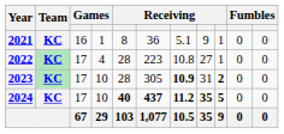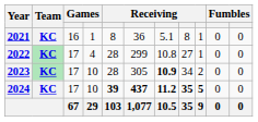 <table class=wikitable style="text-align:center;">
 <tr>
 <th rowspan="2">Year</th>
 <th rowspan="2">Team</th>
 <th colspan="2">Games</th>
 <th colspan="5">Receiving</th>
 <th colspan="2">Fumbles</th>
 </tr>
 <tr>
 <th></th>
 <th></th>
 <th></th>
 <th></th>
 <th></th>
 <th></th>
 <th></th>
 <th></th>
 <th></th>
 </tr>
 <tr>
 <th><a href='#'>2021</a></th>
 <th><a href='#'>KC</a></th>
 <td>16</td>
 <td>1</td>
 <td>8</td>
 <td>36</td>
 <td>5.1</td>
-<td>9</td>
+<td>8</td>
 <td>1</td>
 <td>0</td>
 <td>0</td>
 </tr>
 <tr>
 <th><a href='#'>2022</a></th>
 <th style="background:#afe6ba;"><a href='#'>KC</a></th>
 <td>17</td>
 <td>4</td>
 <td>28</td>
-<td>223</td>
+<td>299</td>
 <td>10.8</td>
 <td>27</td>
 <td>1</td>
 <td>0</td>
 <td>0</td>
 </tr>
 <tr>
 <th><a href='#'>2023</a></th>
 <th style="background:#afe6ba;"><a href='#'>KC</a></th>
 <td>17</td>
 <td>10</td>
 <td>28</td>
 <td>305</td>
 <td><strong>10.9</strong></td>
-<td>31</td>
-<td><strong>2</strong></td>
+<td>34</td>
+<td>2</td>
 <td>0</td>
 <td>0</td>
 </tr>
 <tr>
 <th><a href='#'>2024</a></th>
 <th><a href='#'>KC</a></th>
 <td>17</td>
 <td>10</td>
-<td><strong>40</strong></td>
+<td><strong>39</strong></td>
 <td><strong>437</strong></td>
 <td><strong>11.2</strong></td>
 <td><strong>35</strong></td>
 <td><strong>5</strong></td>
 <td>0</td>
 <td>0</td>
 </tr>
 <tr>
 <th colspan="2"></th>
 <th>67</th>
 <th>29</th>
 <th>103</th>
 <th>1,077</th>
 <th>10.5</th>
 <th>35</th>
 <th>9</th>
 <th>0</th>
 <th>0</th>
 </tr>
 </table>
